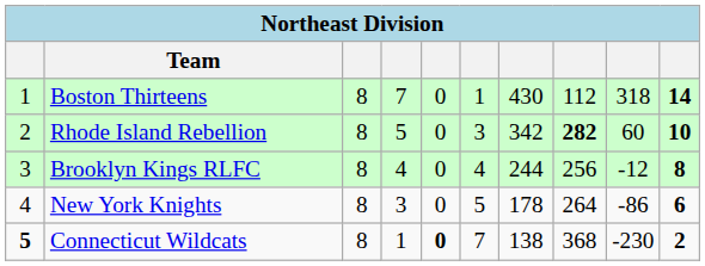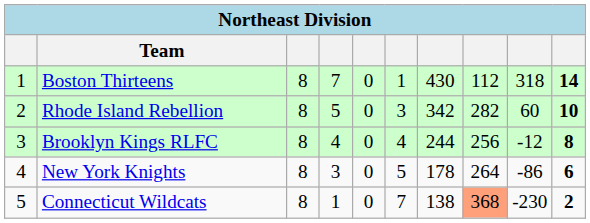 <table class="wikitable" style="text-align:center;">
 <tr>
 <td bgcolor=lightblue align="center" colspan="10"><strong><span>Northeast Division</span></strong></td>
 </tr>
 <tr>
 <th width="20"></th>
 <th width="200">Team</th>
 <th width="20"></th>
 <th width="20"></th>
 <th width="20"></th>
 <th width="20"></th>
 <th width="30"></th>
 <th width="30"></th>
 <th width="30"></th>
 <th width="20"></th>
 </tr>
 <tr style="background: #ccffcc;">
 <td>1</td>
 <td style="text-align:left;"> <a href='#'>Boston Thirteens</a></td>
 <td>8</td>
 <td>7</td>
 <td>0</td>
 <td>1</td>
 <td>430</td>
 <td>112</td>
 <td>318</td>
 <td><strong>14</strong></td>
 </tr>
 <tr style="background: #ccffcc;">
 <td>2</td>
 <td style="text-align:left;"> <a href='#'>Rhode Island Rebellion</a></td>
 <td>8</td>
 <td>5</td>
 <td>0</td>
 <td>3</td>
 <td>342</td>
-<td><strong>282</strong></td>
+<td>282</td>
 <td>60</td>
 <td><strong>10</strong></td>
 </tr>
 <tr style="background: #ccffcc;">
 <td>3</td>
 <td style="text-align:left;"> <a href='#'>Brooklyn Kings RLFC</a></td>
 <td>8</td>
 <td>4</td>
 <td>0</td>
 <td>4</td>
 <td>244</td>
 <td>256</td>
 <td>-12</td>
 <td><strong>8</strong></td>
 </tr>
 <tr>
 <td>4</td>
 <td style="text-align:left;"> <a href='#'>New York Knights</a></td>
 <td>8</td>
 <td>3</td>
 <td>0</td>
 <td>5</td>
 <td>178</td>
 <td>264</td>
 <td>-86</td>
 <td><strong>6</strong></td>
 </tr>
 <tr>
-<td><strong>5</strong></td>
+<td>5</td>
 <td style="text-align:left;"> <a href='#'>Connecticut Wildcats</a></td>
 <td>8</td>
 <td>1</td>
-<td><strong>0</strong></td>
+<td>0</td>
 <td>7</td>
 <td>138</td>
-<td>368</td>
+<td style="background: lightsalmon;">368</td>
 <td>-230</td>
 <td><strong>2</strong></td>
 </tr>
 </table>
